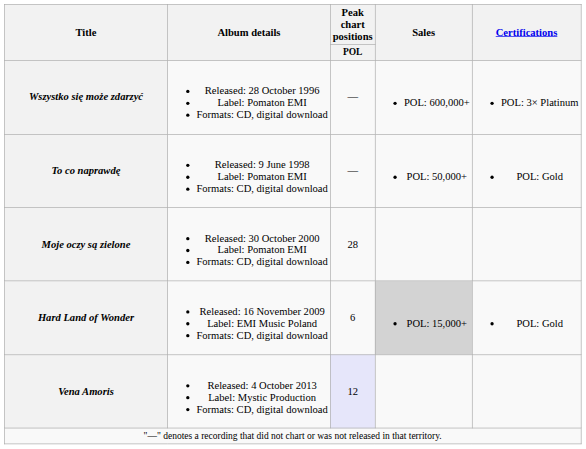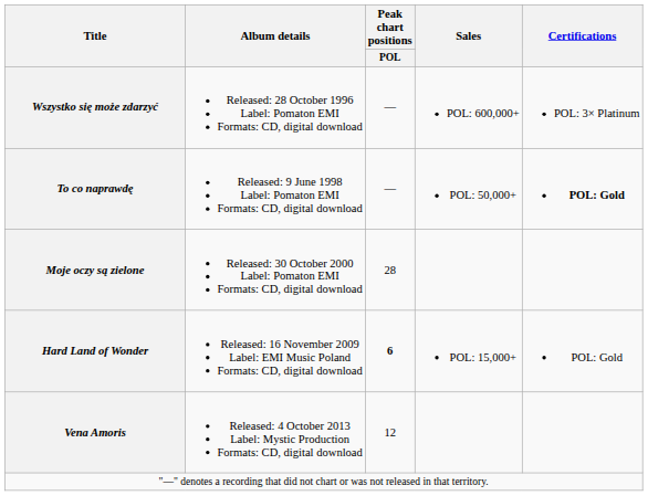 <table class="wikitable plainrowheaders" style="text-align:center;">
 <tr>
 <th scope="col" rowspan="2" style="width:15em;">Title</th>
 <th scope="col" rowspan="2">Album details</th>
 <th scope="col" colspan="1">Peak chart positions</th>
 <th scope="col" rowspan="2">Sales</th>
 <th scope="col" rowspan="2"><a href='#'>Certifications</a></th>
 </tr>
 <tr>
 <th scope="col" style="width:3em;font-size:90%;">POL<br></th>
 </tr>
 <tr>
 <th scope="row"><em>Wszystko się może zdarzyć</em></th>
 <td><br><ul><li>Released: 28 October 1996</li><li>Label: Pomaton EMI</li><li>Formats: CD, digital download</li></ul></td>
 <td>—</td>
 <td><br><ul><li>POL: 600,000+</li></ul></td>
 <td><br><ul><li>POL: 3× Platinum</li></ul></td>
 </tr>
 <tr>
 <th scope="row"><em>To co naprawdę</em></th>
 <td><br><ul><li>Released: 9 June 1998</li><li>Label: Pomaton EMI</li><li>Formats: CD, digital download</li></ul></td>
 <td>—</td>
 <td><br><ul><li>POL: 50,000+</li></ul></td>
-<td><br><ul><li>POL: Gold</li></ul></td>
+<td><strong><br><ul><li>POL: Gold</li></ul></strong></td>
 </tr>
 <tr>
 <th scope="row"><em>Moje oczy są zielone</em></th>
 <td><br><ul><li>Released: 30 October 2000</li><li>Label: Pomaton EMI</li><li>Formats: CD, digital download</li></ul></td>
 <td>28</td>
 <td></td>
 <td></td>
 </tr>
 <tr>
 <th scope="row"><em>Hard Land of Wonder</em></th>
 <td><br><ul><li>Released: 16 November 2009</li><li>Label: EMI Music Poland</li><li>Formats: CD, digital download</li></ul></td>
-<td>6</td>
-<td style="background: lightgrey;"><br><ul><li>POL: 15,000+</li></ul></td>
+<td><strong>6</strong></td>
+<td><br><ul><li>POL: 15,000+</li></ul></td>
 <td><br><ul><li>POL: Gold</li></ul></td>
 </tr>
 <tr>
 <th scope="row"><em>Vena Amoris</em></th>
 <td><br><ul><li>Released: 4 October 2013</li><li>Label: Mystic Production</li><li>Formats: CD, digital download</li></ul></td>
-<td style="background: lavender;">12</td>
+<td>12</td>
 <td></td>
 <td></td>
 </tr>
 <tr>
 <td colspan="20" style="font-size:90%">"—" denotes a recording that did not chart or was not released in that territory.</td>
 </tr>
 </table>
